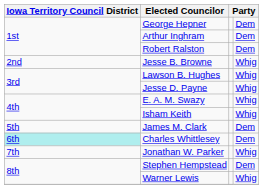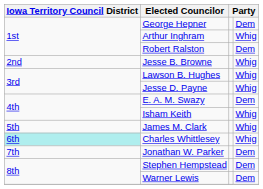 <table class="sortable wikitable" style="font-size:95%;line-height:14px;">
 <tr>
 <th class="sortable"><a href='#'>Iowa Territory Council</a> District</th>
 <th class="sortable">Elected Councilor</th>
 <th colspan="2">Party</th>
 </tr>
 <tr>
 <td rowspan="3"><a href='#'>1st</a></td>
 <td><a href='#'>George Hepner</a></td>
 <td style="background:"></td>
 <td><a href='#'>Dem</a></td>
 </tr>
 <tr>
 <td><a href='#'>Arthur Inghram</a></td>
 <td style="background:"></td>
-<td><a href='#'>Dem</a></td>
+<td><a href='#'>Whig</a></td>
 </tr>
 <tr>
 <td><a href='#'>Robert Ralston</a></td>
 <td style="background:"></td>
 <td><a href='#'>Dem</a></td>
 </tr>
 <tr>
 <td><a href='#'>2nd</a></td>
 <td><a href='#'>Jesse B. Browne</a></td>
 <td style="background:"></td>
 <td><a href='#'>Whig</a></td>
 </tr>
 <tr>
 <td rowspan="2"><a href='#'>3rd</a></td>
 <td><a href='#'>Lawson B. Hughes</a></td>
 <td style="background:"></td>
 <td><a href='#'>Whig</a></td>
 </tr>
 <tr>
 <td><a href='#'>Jesse D. Payne</a></td>
 <td style="background:"></td>
 <td><a href='#'>Whig</a></td>
 </tr>
 <tr>
 <td rowspan="2"><a href='#'>4th</a></td>
 <td><a href='#'>E. A. M. Swazy</a></td>
 <td style="background:"></td>
-<td><a href='#'>Whig</a></td>
+<td><a href='#'>Dem</a></td>
 </tr>
 <tr>
 <td><a href='#'>Isham Keith</a></td>
 <td style="background:"></td>
 <td><a href='#'>Whig</a></td>
 </tr>
 <tr>
 <td><a href='#'>5th</a></td>
 <td><a href='#'>James M. Clark</a></td>
 <td style="background:"></td>
-<td><a href='#'>Dem</a></td>
+<td><a href='#'>Whig</a></td>
 </tr>
 <tr>
 <td style="background: paleturquoise;"><a href='#'>6th</a></td>
 <td><a href='#'>Charles Whittlesey</a></td>
 <td style="background:"></td>
-<td><a href='#'>Dem</a></td>
+<td><a href='#'>Whig</a></td>
 </tr>
 <tr>
 <td><a href='#'>7th</a></td>
 <td><a href='#'>Jonathan W. Parker</a></td>
 <td style="background:"></td>
-<td><a href='#'>Whig</a></td>
+<td><a href='#'>Dem</a></td>
 </tr>
 <tr>
 <td rowspan="2"><a href='#'>8th</a></td>
 <td><a href='#'>Stephen Hempstead</a></td>
 <td style="background:"></td>
 <td><a href='#'>Dem</a></td>
 </tr>
 <tr>
 <td><a href='#'>Warner Lewis</a></td>
 <td style="background:"></td>
-<td><a href='#'>Whig</a></td>
+<td><a href='#'>Dem</a></td>
 </tr>
 <tr>
 </tr>
 </table>
